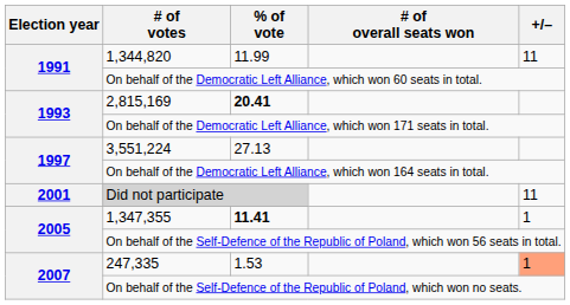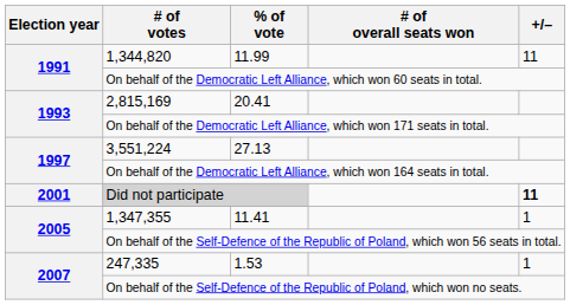 <table class=wikitable>
 <tr>
 <th>Election year</th>
 <th># of<br>votes</th>
 <th>% of<br>vote</th>
 <th># of<br>overall seats won</th>
 <th>+/–</th>
 </tr>
 <tr>
 <th rowspan="2"><a href='#'>1991</a></th>
 <td>1,344,820</td>
 <td>11.99</td>
 <td></td>
 <td>11</td>
 </tr>
 <tr>
 <td colspan=7><small>On behalf of the <a href='#'>Democratic Left Alliance</a>, which won 60 seats in total.</small></td>
 </tr>
 <tr>
 <th rowspan="2"><a href='#'>1993</a></th>
 <td>2,815,169</td>
-<td><strong>20.41</strong></td>
+<td>20.41</td>
 <td></td>
 <td></td>
 </tr>
 <tr>
 <td colspan=7><small>On behalf of the <a href='#'>Democratic Left Alliance</a>, which won 171 seats in total.</small></td>
 </tr>
 <tr>
 <th rowspan="2"><a href='#'>1997</a></th>
 <td>3,551,224</td>
 <td>27.13</td>
 <td></td>
 <td></td>
 </tr>
 <tr>
 <td colspan=7><small>On behalf of the <a href='#'>Democratic Left Alliance</a>, which won 164 seats in total.</small></td>
 </tr>
 <tr>
 <th><a href='#'>2001</a></th>
 <td colspan=2 style="background:lightgrey;">Did not participate</td>
 <td></td>
-<td>11</td>
+<td><strong>11</strong></td>
 </tr>
 <tr>
 <th rowspan="2"><a href='#'>2005</a></th>
 <td>1,347,355</td>
-<td><strong>11.41</strong></td>
+<td>11.41</td>
 <td></td>
 <td>1</td>
 </tr>
 <tr>
 <td colspan=7><small>On behalf of the <a href='#'>Self-Defence of the Republic of Poland</a>, which won 56 seats in total.</small></td>
 </tr>
 <tr>
 <th rowspan="2"><a href='#'>2007</a></th>
 <td>247,335</td>
 <td>1.53</td>
 <td></td>
-<td style="background: lightsalmon;">1</td>
+<td>1</td>
 </tr>
 <tr>
 <td colspan=7><small>On behalf of the <a href='#'>Self-Defence of the Republic of Poland</a>, which won no seats.</small></td>
 </tr>
 </table>
